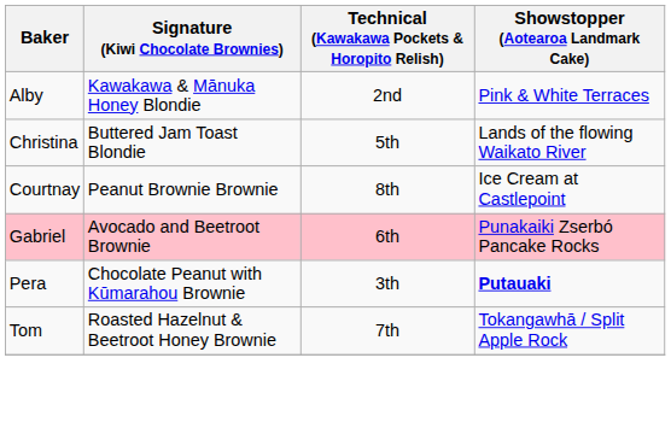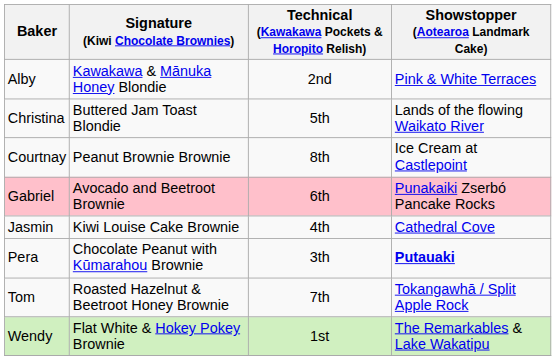 <table class="wikitable" style="text-align:center;">
 <tr>
 <th>Baker</th>
 <th>Signature<br><small>(Kiwi <a href='#'>Chocolate Brownies</a>)</small></th>
 <th>Technical<br><small>(<a href='#'>Kawakawa</a> Pockets & <a href='#'>Horopito</a> Relish)</small></th>
 <th>Showstopper<br><small>(<a href='#'>Aotearoa</a> Landmark Cake)</small></th>
 </tr>
 <tr>
 <td align="left">Alby</td>
 <td align="left"><a href='#'>Kawakawa</a> & <a href='#'>Mānuka Honey</a> Blondie</td>
 <td>2nd</td>
 <td align="left"><a href='#'>Pink & White Terraces</a></td>
 </tr>
 <tr>
 <td align="left">Christina</td>
 <td align="left">Buttered Jam Toast Blondie</td>
 <td>5th</td>
 <td align="left">Lands of the flowing <a href='#'>Waikato River</a></td>
 </tr>
 <tr>
 <td align="left">Courtnay</td>
 <td align="left">Peanut Brownie Brownie</td>
 <td>8th</td>
 <td align="left">Ice Cream at <a href='#'>Castlepoint</a></td>
 </tr>
 <tr style="background:pink;">
 <td align="left">Gabriel</td>
 <td align="left">Avocado and Beetroot Brownie</td>
 <td>6th</td>
 <td align="left"><a href='#'>Punakaiki</a> Zserbó Pancake Rocks</td>
 </tr>
 <tr>
+<td align="left">Jasmin</td>
+<td align="left">Kiwi Louise Cake Brownie</td>
+<td>4th</td>
+<td align="left"><a href='#'>Cathedral Cove</a></td>
+</tr>
+<tr>
 <td align="left">Pera</td>
 <td align="left">Chocolate Peanut with <a href='#'>Kūmarahou</a> Brownie</td>
 <td>3th</td>
 <td align="left"><strong><a href='#'>Putauaki</a></strong></td>
 </tr>
 <tr>
 <td align="left">Tom</td>
 <td align="left">Roasted Hazelnut & Beetroot Honey Brownie</td>
 <td>7th</td>
 <td align="left"><a href='#'>Tokangawhā / Split Apple Rock</a></td>
 </tr>
+<tr style="background:#d0f0c0;">
+<td align="left">Wendy</td>
+<td align="left">Flat White & <a href='#'>Hokey Pokey</a> Brownie</td>
+<td>1st</td>
+<td align="left"><a href='#'>The Remarkables</a> & <a href='#'>Lake Wakatipu</a></td>
+</tr>
 <tr>
 </tr>
 </table>
